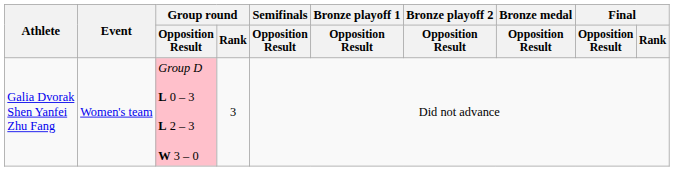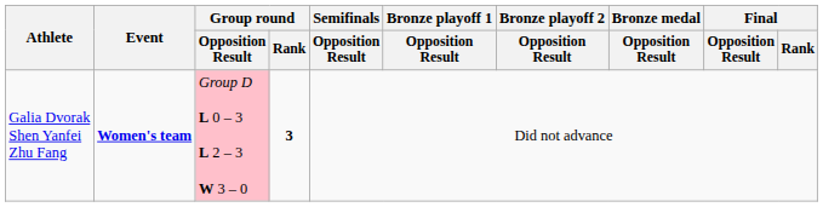 <table class="wikitable" style="font-size:90%;">
 <tr>
 <th rowspan="2">Athlete</th>
 <th rowspan="2">Event</th>
 <th colspan="2">Group round</th>
 <th>Semifinals</th>
 <th>Bronze playoff 1</th>
 <th>Bronze playoff 2</th>
 <th>Bronze medal</th>
 <th colspan=2>Final</th>
 </tr>
 <tr style="font-size:95%">
 <th>Opposition<br>Result</th>
 <th>Rank</th>
 <th>Opposition<br>Result</th>
 <th>Opposition<br>Result</th>
 <th>Opposition<br>Result</th>
 <th>Opposition<br>Result</th>
 <th>Opposition<br>Result</th>
 <th>Rank</th>
 </tr>
 <tr align=center>
 <td align=left><a href='#'>Galia Dvorak</a><br><a href='#'>Shen Yanfei</a> <br><a href='#'>Zhu Fang</a></td>
-<td align=left><a href='#'>Women's team</a></td>
+<td align=left><strong><a href='#'>Women's team</a></strong></td>
 <td align=left style="background: pink;"><em>Group D</em><br><br><strong>L</strong> 0 – 3<br><br><strong>L</strong> 2 – 3<br><br><strong>W</strong> 3 – 0</td>
-<td>3</td>
+<td><strong>3</strong></td>
 <td colspan=6>Did not advance</td>
 </tr>
 </table>
